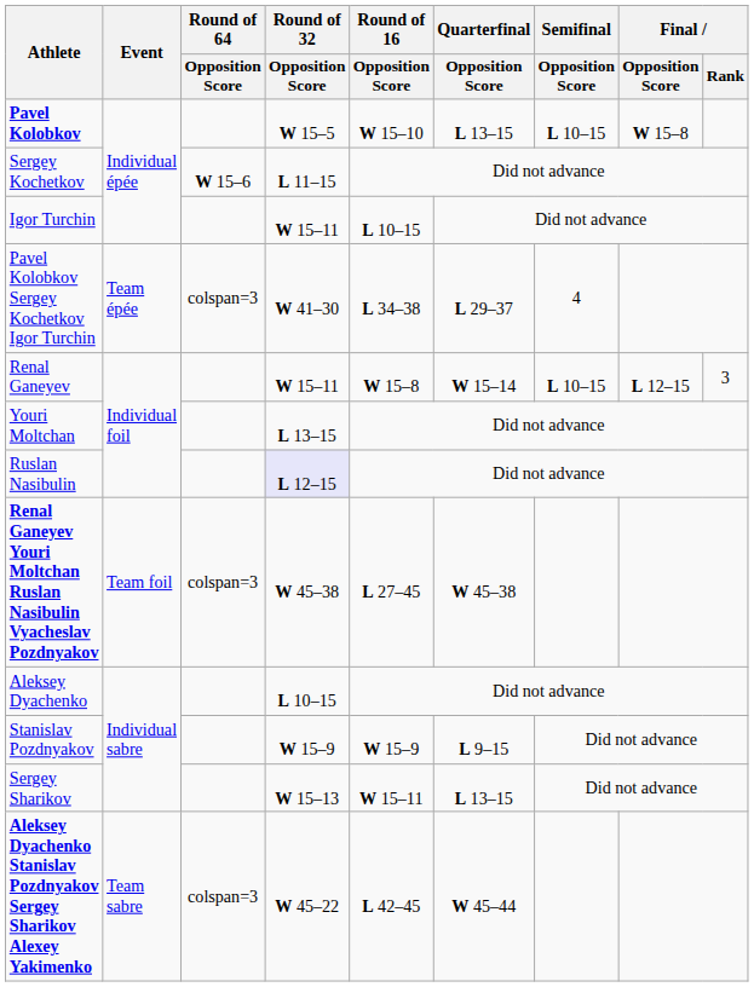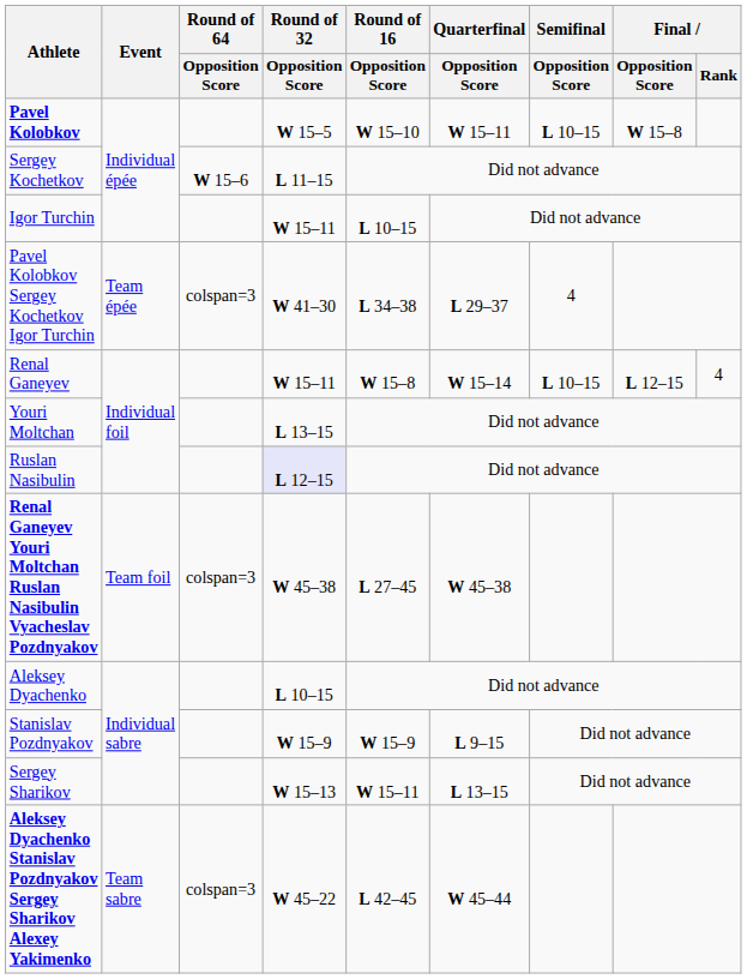 <table class="wikitable" style="font-size:90%">
 <tr>
 <th rowspan="2">Athlete</th>
 <th rowspan="2">Event</th>
 <th>Round of 64</th>
 <th>Round of 32</th>
 <th>Round of 16</th>
 <th>Quarterfinal</th>
 <th>Semifinal</th>
 <th colspan=2>Final / </th>
 </tr>
 <tr style="font-size:95%">
 <th>Opposition <br> Score</th>
 <th>Opposition <br> Score</th>
 <th>Opposition <br> Score</th>
 <th>Opposition <br> Score</th>
 <th>Opposition <br> Score</th>
 <th>Opposition <br> Score</th>
 <th>Rank</th>
 </tr>
 <tr align=center>
 <td align=left><strong><a href='#'>Pavel Kolobkov</a></strong></td>
 <td align=left rowspan=3><a href='#'>Individual épée</a></td>
 <td></td>
 <td><br><strong>W</strong> 15–5</td>
 <td><br><strong>W</strong> 15–10</td>
-<td><br><strong>L</strong> 13–15</td>
+<td><br><strong>W</strong> 15–11</td>
 <td><br><strong>L</strong> 10–15</td>
 <td><br><strong>W</strong> 15–8</td>
 <td></td>
 </tr>
 <tr align=center>
 <td align=left><a href='#'>Sergey Kochetkov</a></td>
 <td><br><strong>W</strong> 15–6</td>
 <td><br><strong>L</strong> 11–15</td>
 <td colspan=5>Did not advance</td>
 </tr>
 <tr align=center>
 <td align=left><a href='#'>Igor Turchin</a></td>
 <td></td>
 <td><br><strong>W</strong> 15–11</td>
 <td><br><strong>L</strong> 10–15</td>
 <td colspan=4>Did not advance</td>
 </tr>
 <tr align=center>
 <td align=left><a href='#'>Pavel Kolobkov</a><br><a href='#'>Sergey Kochetkov</a><br><a href='#'>Igor Turchin</a></td>
 <td align=left><a href='#'>Team épée</a></td>
 <td>colspan=3 </td>
 <td><br><strong>W</strong> 41–30</td>
 <td><br><strong>L</strong> 34–38</td>
 <td><br><strong>L</strong> 29–37</td>
 <td>4</td>
 </tr>
 <tr align=center>
 <td align=left><a href='#'>Renal Ganeyev</a></td>
 <td align=left rowspan=3><a href='#'>Individual foil</a></td>
 <td></td>
 <td><br><strong>W</strong> 15–11</td>
 <td><br><strong>W</strong> 15–8</td>
 <td><br><strong>W</strong> 15–14</td>
 <td><br><strong>L</strong> 10–15</td>
 <td><br><strong>L</strong> 12–15</td>
-<td>3</td>
+<td>4</td>
 </tr>
 <tr align=center>
 <td align=left><a href='#'>Youri Moltchan</a></td>
 <td></td>
 <td><br><strong>L</strong> 13–15</td>
 <td colspan=5>Did not advance</td>
 </tr>
 <tr align=center>
 <td align=left><a href='#'>Ruslan Nasibulin</a></td>
 <td></td>
 <td style="background: lavender;"><br><strong>L</strong> 12–15</td>
 <td colspan=5>Did not advance</td>
 </tr>
 <tr align=center>
 <td align=left><strong><a href='#'>Renal Ganeyev</a><br><a href='#'>Youri Moltchan</a><br><a href='#'>Ruslan Nasibulin</a><br><a href='#'>Vyacheslav Pozdnyakov</a></strong></td>
 <td align=left><a href='#'>Team foil</a></td>
 <td>colspan=3 </td>
 <td><br><strong>W</strong> 45–38</td>
 <td><br><strong>L</strong> 27–45</td>
 <td><br><strong>W</strong> 45–38</td>
 <td></td>
 </tr>
 <tr align=center>
 <td align=left><a href='#'>Aleksey Dyachenko</a></td>
 <td align=left rowspan=3><a href='#'>Individual sabre</a></td>
 <td></td>
 <td><br><strong>L</strong> 10–15</td>
 <td colspan=5>Did not advance</td>
 </tr>
 <tr align=center>
 <td align=left><a href='#'>Stanislav Pozdnyakov</a></td>
 <td></td>
 <td><br><strong>W</strong> 15–9</td>
 <td><br><strong>W</strong> 15–9</td>
 <td><br><strong>L</strong> 9–15</td>
 <td colspan=3>Did not advance</td>
 </tr>
 <tr align=center>
 <td align=left><a href='#'>Sergey Sharikov</a></td>
 <td></td>
 <td><br><strong>W</strong> 15–13</td>
 <td><br><strong>W</strong> 15–11</td>
 <td><br><strong>L</strong> 13–15</td>
 <td colspan=3>Did not advance</td>
 </tr>
 <tr align=center>
 <td align=left><strong><a href='#'>Aleksey Dyachenko</a><br><a href='#'>Stanislav Pozdnyakov</a><br><a href='#'>Sergey Sharikov</a><br><a href='#'>Alexey Yakimenko</a></strong></td>
 <td align=left><a href='#'>Team sabre</a></td>
 <td>colspan=3 </td>
 <td><br><strong>W</strong> 45–22</td>
 <td><br><strong>L</strong> 42–45</td>
 <td><br><strong>W</strong> 45–44</td>
 <td></td>
 </tr>
 </table>
